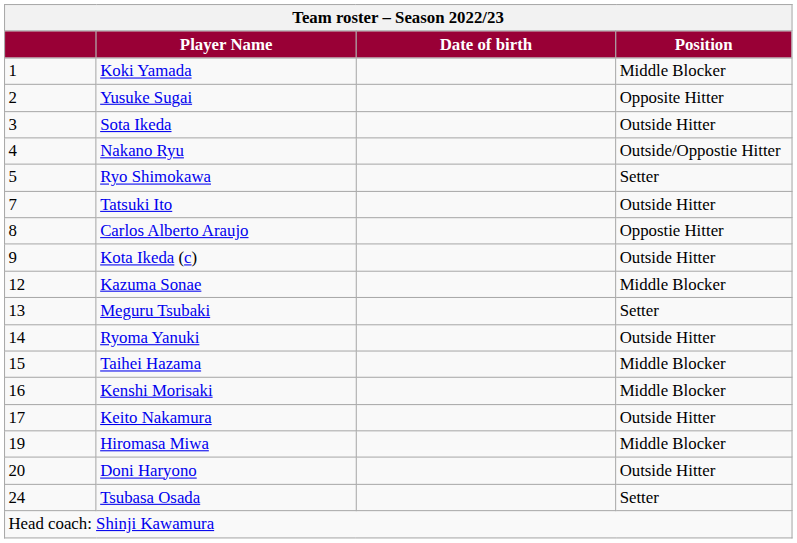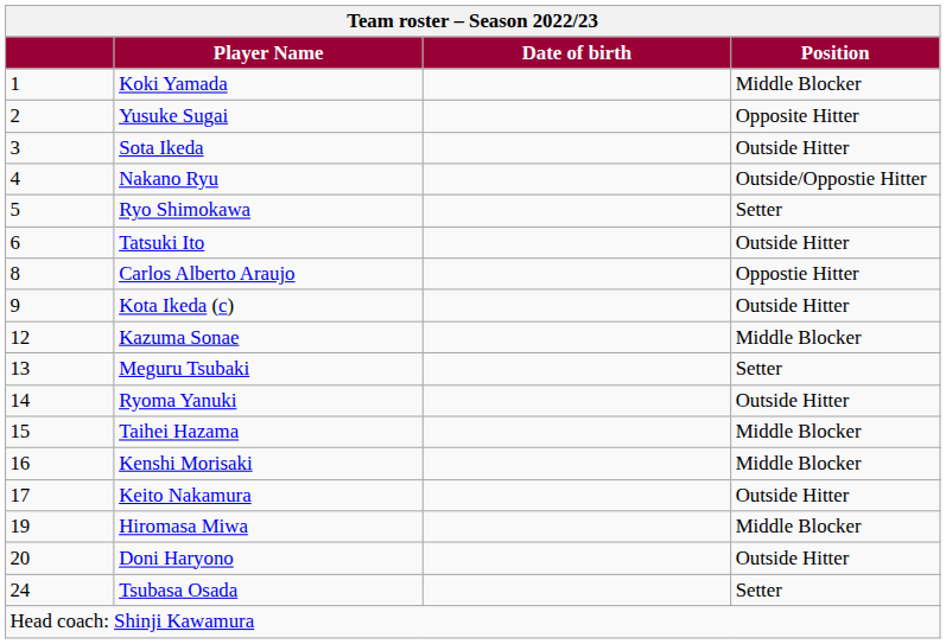 <table class="wikitable collapsible collapsed sortable" style="font-size:">
 <tr>
 <th colspan=6>Team roster – Season 2022/23</th>
 </tr>
 <tr>
 <th style="width:5em; color:white; background-color:#990036"></th>
 <th style="width:15em; color:white; background-color:#990036">Player Name</th>
 <th style="width:15em; color:white; background-color:#990036">Date of birth</th>
 <th style="width:10em; color:white; background-color:#990036">Position</th>
 </tr>
 <tr>
 <td>1</td>
 <td align=left> <a href='#'>Koki Yamada</a></td>
 <td align=right></td>
 <td>Middle Blocker</td>
 </tr>
 <tr>
 <td>2</td>
 <td align=left> <a href='#'>Yusuke Sugai</a></td>
 <td align=right></td>
 <td>Opposite Hitter</td>
 </tr>
 <tr>
 <td>3</td>
 <td align=left> <a href='#'>Sota Ikeda</a></td>
 <td align=right></td>
 <td>Outside Hitter</td>
 </tr>
 <tr>
 <td>4</td>
 <td align=left> <a href='#'>Nakano Ryu</a></td>
 <td align=right></td>
 <td>Outside/Oppostie Hitter</td>
 </tr>
 <tr>
 <td>5</td>
 <td align=left> <a href='#'>Ryo Shimokawa</a></td>
 <td align=right></td>
 <td>Setter</td>
 </tr>
 <tr>
-<td>7</td>
+<td>6</td>
 <td align=left> <a href='#'>Tatsuki Ito</a></td>
 <td align=right></td>
 <td>Outside Hitter</td>
 </tr>
 <tr>
 <td>8</td>
 <td align=left> <a href='#'>Carlos Alberto Araujo</a></td>
 <td align=right></td>
 <td>Oppostie Hitter</td>
 </tr>
 <tr>
 <td>9</td>
 <td align=left> <a href='#'>Kota Ikeda</a> (<a href='#'>c</a>)</td>
 <td align=right></td>
 <td>Outside Hitter</td>
 </tr>
 <tr>
 <td>12</td>
 <td align=left> <a href='#'>Kazuma Sonae</a></td>
 <td align=right></td>
 <td>Middle Blocker</td>
 </tr>
 <tr>
 <td>13</td>
 <td align=left> <a href='#'>Meguru Tsubaki</a></td>
 <td align=right></td>
 <td>Setter</td>
 </tr>
 <tr>
 <td>14</td>
 <td align=left> <a href='#'>Ryoma Yanuki</a></td>
 <td align=right></td>
 <td>Outside Hitter</td>
 </tr>
 <tr>
 <td>15</td>
 <td align=left> <a href='#'>Taihei Hazama</a></td>
 <td align=right></td>
 <td>Middle Blocker</td>
 </tr>
 <tr>
 <td>16</td>
 <td align=left> <a href='#'>Kenshi Morisaki</a></td>
 <td align=right></td>
 <td>Middle Blocker</td>
 </tr>
 <tr>
 <td>17</td>
 <td align=left> <a href='#'>Keito Nakamura</a></td>
 <td align=right></td>
 <td>Outside Hitter</td>
 </tr>
 <tr>
 <td>19</td>
 <td align=left> <a href='#'>Hiromasa Miwa</a></td>
 <td align=right></td>
 <td>Middle Blocker</td>
 </tr>
 <tr>
 <td>20</td>
 <td align=left> <a href='#'>Doni Haryono</a></td>
 <td align=right></td>
 <td>Outside Hitter</td>
 </tr>
 <tr>
 <td>24</td>
 <td align=left> <a href='#'>Tsubasa Osada</a></td>
 <td align=right></td>
 <td>Setter</td>
 </tr>
 <tr>
 <td colspan=4>Head coach:  <a href='#'>Shinji Kawamura</a></td>
 </tr>
 </table>
